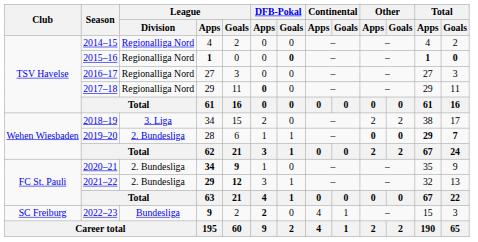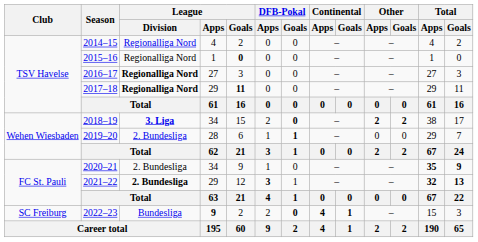 <table class=wikitable style=text-align:center>
 <tr>
 <th rowspan="2">Club</th>
 <th rowspan="2">Season</th>
 <th colspan="3">League</th>
 <th colspan="2"><a href='#'>DFB-Pokal</a></th>
 <th colspan="2">Continental</th>
 <th colspan="2">Other</th>
 <th colspan="2">Total</th>
 </tr>
 <tr>
 <th>Division</th>
 <th>Apps</th>
 <th>Goals</th>
 <th>Apps</th>
 <th>Goals</th>
 <th>Apps</th>
 <th>Goals</th>
 <th>Apps</th>
 <th>Goals</th>
 <th>Apps</th>
 <th>Goals</th>
 </tr>
 <tr>
 <td rowspan="5"><a href='#'>TSV Havelse</a></td>
 <td><a href='#'>2014–15</a></td>
 <td><a href='#'>Regionalliga Nord</a></td>
 <td>4</td>
 <td>2</td>
 <td>0</td>
 <td>0</td>
 <td colspan="2">–</td>
 <td colspan="2">–</td>
 <td>4</td>
 <td>2</td>
 </tr>
 <tr>
 <td><a href='#'>2015–16</a></td>
 <td>Regionalliga Nord</td>
-<td><strong>1</strong></td>
+<td>1</td>
+<td><strong>0</strong></td>
 <td>0</td>
 <td>0</td>
-<td><strong>0</strong></td>
 <td colspan="2">–</td>
 <td colspan="2">–</td>
-<td><strong>1</strong></td>
-<td><strong>0</strong></td>
+<td>1</td>
+<td>0</td>
 </tr>
 <tr>
 <td><a href='#'>2016–17</a></td>
-<td>Regionalliga Nord</td>
+<td><strong>Regionalliga Nord</strong></td>
 <td>27</td>
 <td>3</td>
 <td>0</td>
 <td>0</td>
 <td colspan="2">–</td>
 <td colspan="2">–</td>
 <td>27</td>
 <td>3</td>
 </tr>
 <tr>
 <td><a href='#'>2017–18</a></td>
-<td>Regionalliga Nord</td>
+<td><strong>Regionalliga Nord</strong></td>
 <td>29</td>
-<td>11</td>
-<td><strong>0</strong></td>
+<td><strong>11</strong></td>
+<td>0</td>
 <td>0</td>
 <td colspan="2">–</td>
 <td colspan="2">–</td>
 <td>29</td>
 <td>11</td>
 </tr>
 <tr>
 <th colspan="2">Total</th>
 <th>61</th>
 <th>16</th>
 <th>0</th>
 <th>0</th>
 <th>0</th>
 <th>0</th>
 <th>0</th>
 <th>0</th>
 <th>61</th>
 <th>16</th>
 </tr>
 <tr>
 <td rowspan="3"><a href='#'>Wehen Wiesbaden</a></td>
 <td><a href='#'>2018–19</a></td>
-<td><a href='#'>3. Liga</a></td>
+<td><strong><a href='#'>3. Liga</a></strong></td>
 <td>34</td>
 <td>15</td>
 <td>2</td>
-<td>0</td>
+<td><strong>0</strong></td>
 <td colspan="2">–</td>
-<td>2</td>
-<td>2</td>
+<td><strong>2</strong></td>
+<td><strong>2</strong></td>
 <td>38</td>
 <td>17</td>
 </tr>
 <tr>
 <td><a href='#'>2019–20</a></td>
 <td><a href='#'>2. Bundesliga</a></td>
 <td>28</td>
 <td>6</td>
 <td>1</td>
-<td>1</td>
+<td><strong>1</strong></td>
 <td colspan="2">–</td>
-<td><strong>0</strong></td>
-<td><strong>0</strong></td>
-<td><strong>29</strong></td>
-<td><strong>7</strong></td>
+<td>0</td>
+<td>0</td>
+<td>29</td>
+<td>7</td>
 </tr>
 <tr>
 <th colspan="2">Total</th>
 <th>62</th>
 <th>21</th>
 <th>3</th>
 <th>1</th>
 <th>0</th>
 <th>0</th>
 <th>2</th>
 <th>2</th>
 <th>67</th>
 <th>24</th>
 </tr>
 <tr>
 <td rowspan="3"><a href='#'>FC St. Pauli</a></td>
 <td><a href='#'>2020–21</a></td>
 <td>2. Bundesliga</td>
-<td><strong>34</strong></td>
-<td><strong>9</strong></td>
+<td>34</td>
+<td>9</td>
 <td>1</td>
 <td>0</td>
 <td colspan="2">–</td>
 <td colspan="2">–</td>
-<td>35</td>
-<td>9</td>
+<td><strong>35</strong></td>
+<td><strong>9</strong></td>
 </tr>
 <tr>
 <td><a href='#'>2021–22</a></td>
-<td>2. Bundesliga</td>
-<td><strong>29</strong></td>
-<td><strong>12</strong></td>
-<td>3</td>
+<td><strong>2. Bundesliga</strong></td>
+<td>29</td>
+<td>12</td>
+<td><strong>3</strong></td>
 <td>1</td>
 <td colspan="2">–</td>
 <td colspan="2">–</td>
-<td>32</td>
-<td>13</td>
+<td><strong>32</strong></td>
+<td><strong>13</strong></td>
 </tr>
 <tr>
 <th colspan="2">Total</th>
 <th>63</th>
 <th>21</th>
 <th>4</th>
 <th>1</th>
 <th>0</th>
 <th>0</th>
 <th>0</th>
 <th>0</th>
 <th>67</th>
 <th>22</th>
 </tr>
 <tr>
 <td><a href='#'>SC Freiburg</a></td>
 <td><a href='#'>2022–23</a></td>
 <td><a href='#'>Bundesliga</a></td>
 <td><strong>9</strong></td>
 <td>2</td>
-<td><strong>2</strong></td>
-<td>0</td>
-<td>4</td>
-<td>1</td>
+<td>2</td>
+<td><strong>0</strong></td>
+<td><strong>4</strong></td>
+<td><strong>1</strong></td>
 <td colspan="2">–</td>
 <td>15</td>
 <td>3</td>
 </tr>
 <tr>
 <th colspan="3">Career total</th>
 <th>195</th>
 <th>60</th>
 <th>9</th>
 <th>2</th>
 <th>4</th>
 <th>1</th>
 <th>2</th>
 <th>2</th>
 <th>190</th>
 <th>65</th>
 </tr>
 </table>
